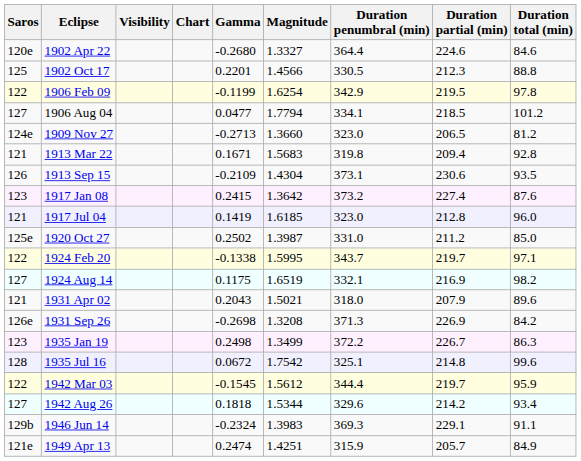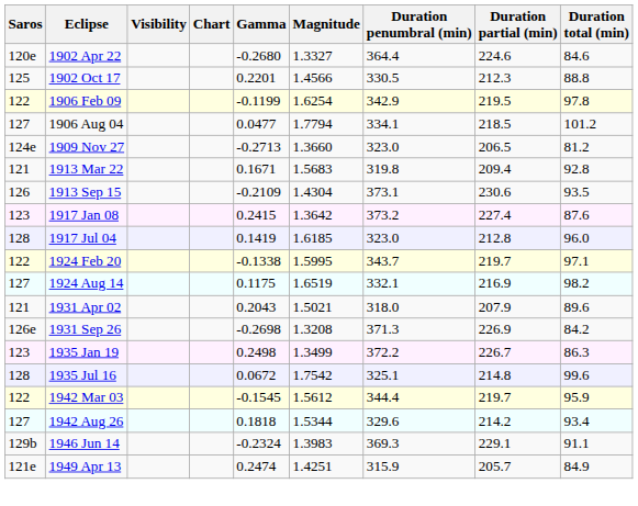 <table class="wikitable sortable">
 <tr>
 <th>Saros</th>
 <th>Eclipse</th>
 <th>Visibility</th>
 <th>Chart</th>
 <th>Gamma</th>
 <th>Magnitude</th>
 <th>Duration<br>penumbral (min)</th>
 <th>Duration<br>partial (min)</th>
 <th>Duration<br>total (min)</th>
 </tr>
 <tr>
 <td>120e</td>
 <td><a href='#'>1902 Apr 22</a></td>
 <td></td>
 <td></td>
 <td>-0.2680</td>
 <td>1.3327</td>
 <td>364.4</td>
 <td>224.6</td>
 <td>84.6</td>
 </tr>
 <tr>
 <td>125</td>
 <td><a href='#'>1902 Oct 17</a></td>
 <td></td>
 <td></td>
 <td>0.2201</td>
 <td>1.4566</td>
 <td>330.5</td>
 <td>212.3</td>
 <td>88.8</td>
 </tr>
 <tr BGCOLOR="#ffffe0">
 <td>122</td>
 <td><a href='#'>1906 Feb 09</a></td>
 <td></td>
 <td></td>
 <td>-0.1199</td>
 <td>1.6254</td>
 <td>342.9</td>
 <td>219.5</td>
 <td>97.8</td>
 </tr>
 <tr>
 <td>127</td>
 <td>1906 Aug 04</td>
 <td></td>
 <td></td>
 <td>0.0477</td>
 <td>1.7794</td>
 <td>334.1</td>
 <td>218.5</td>
 <td>101.2</td>
 </tr>
 <tr>
 <td>124e</td>
 <td><a href='#'>1909 Nov 27</a></td>
 <td></td>
 <td></td>
 <td>-0.2713</td>
 <td>1.3660</td>
 <td>323.0</td>
 <td>206.5</td>
 <td>81.2</td>
 </tr>
 <tr>
 <td>121</td>
 <td><a href='#'>1913 Mar 22</a></td>
 <td></td>
 <td></td>
 <td>0.1671</td>
 <td>1.5683</td>
 <td>319.8</td>
 <td>209.4</td>
 <td>92.8</td>
 </tr>
 <tr>
 <td>126</td>
 <td><a href='#'>1913 Sep 15</a></td>
 <td></td>
 <td></td>
 <td>-0.2109</td>
 <td>1.4304</td>
 <td>373.1</td>
 <td>230.6</td>
 <td>93.5</td>
 </tr>
 <tr BGCOLOR="#fff0ff">
 <td>123</td>
 <td><a href='#'>1917 Jan 08</a></td>
 <td></td>
 <td></td>
 <td>0.2415</td>
 <td>1.3642</td>
 <td>373.2</td>
 <td>227.4</td>
 <td>87.6</td>
 </tr>
 <tr BGCOLOR="#f0f0ff">
-<td>121</td>
+<td>128</td>
 <td><a href='#'>1917 Jul 04</a></td>
 <td></td>
 <td></td>
 <td>0.1419</td>
 <td>1.6185</td>
 <td>323.0</td>
 <td>212.8</td>
 <td>96.0</td>
-</tr>
-<tr>
-<td>125e</td>
-<td><a href='#'>1920 Oct 27</a></td>
-<td></td>
-<td></td>
-<td>0.2502</td>
-<td>1.3987</td>
-<td>331.0</td>
-<td>211.2</td>
-<td>85.0</td>
 </tr>
 <tr BGCOLOR="#ffffe0">
 <td>122</td>
 <td><a href='#'>1924 Feb 20</a></td>
 <td></td>
 <td></td>
 <td>-0.1338</td>
 <td>1.5995</td>
 <td>343.7</td>
 <td>219.7</td>
 <td>97.1</td>
 </tr>
 <tr BGCOLOR="#f0ffff">
 <td>127</td>
 <td><a href='#'>1924 Aug 14</a></td>
 <td></td>
 <td></td>
 <td>0.1175</td>
 <td>1.6519</td>
 <td>332.1</td>
 <td>216.9</td>
 <td>98.2</td>
 </tr>
 <tr>
 <td>121</td>
 <td><a href='#'>1931 Apr 02</a></td>
 <td></td>
 <td></td>
 <td>0.2043</td>
 <td>1.5021</td>
 <td>318.0</td>
 <td>207.9</td>
 <td>89.6</td>
 </tr>
 <tr>
 <td>126e</td>
 <td><a href='#'>1931 Sep 26</a></td>
 <td></td>
 <td></td>
 <td>-0.2698</td>
 <td>1.3208</td>
 <td>371.3</td>
 <td>226.9</td>
 <td>84.2</td>
 </tr>
 <tr BGCOLOR="#fff0ff">
 <td>123</td>
 <td><a href='#'>1935 Jan 19</a></td>
 <td></td>
 <td></td>
 <td>0.2498</td>
 <td>1.3499</td>
 <td>372.2</td>
 <td>226.7</td>
 <td>86.3</td>
 </tr>
 <tr BGCOLOR="#f0f0ff">
 <td>128</td>
 <td><a href='#'>1935 Jul 16</a></td>
 <td></td>
 <td></td>
 <td>0.0672</td>
 <td>1.7542</td>
 <td>325.1</td>
 <td>214.8</td>
 <td>99.6</td>
 </tr>
 <tr BGCOLOR="#ffffe0">
 <td>122</td>
 <td><a href='#'>1942 Mar 03</a></td>
 <td></td>
 <td></td>
 <td>-0.1545</td>
 <td>1.5612</td>
 <td>344.4</td>
 <td>219.7</td>
 <td>95.9</td>
 </tr>
 <tr BGCOLOR="#f0ffff">
 <td>127</td>
 <td><a href='#'>1942 Aug 26</a></td>
 <td></td>
 <td></td>
 <td>0.1818</td>
 <td>1.5344</td>
 <td>329.6</td>
 <td>214.2</td>
 <td>93.4</td>
 </tr>
 <tr>
 <td>129b</td>
 <td><a href='#'>1946 Jun 14</a></td>
 <td></td>
 <td></td>
 <td>-0.2324</td>
 <td>1.3983</td>
 <td>369.3</td>
 <td>229.1</td>
 <td>91.1</td>
 </tr>
 <tr>
 <td>121e</td>
 <td><a href='#'>1949 Apr 13</a></td>
 <td></td>
 <td></td>
 <td>0.2474</td>
 <td>1.4251</td>
 <td>315.9</td>
 <td>205.7</td>
 <td>84.9</td>
 </tr>
 </table>
